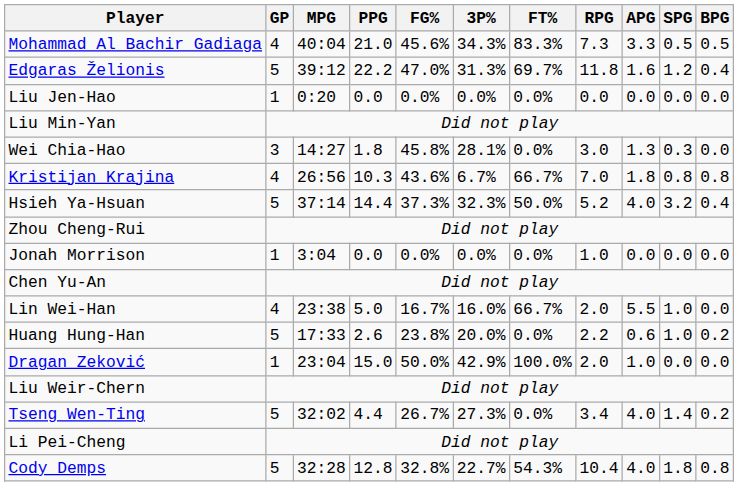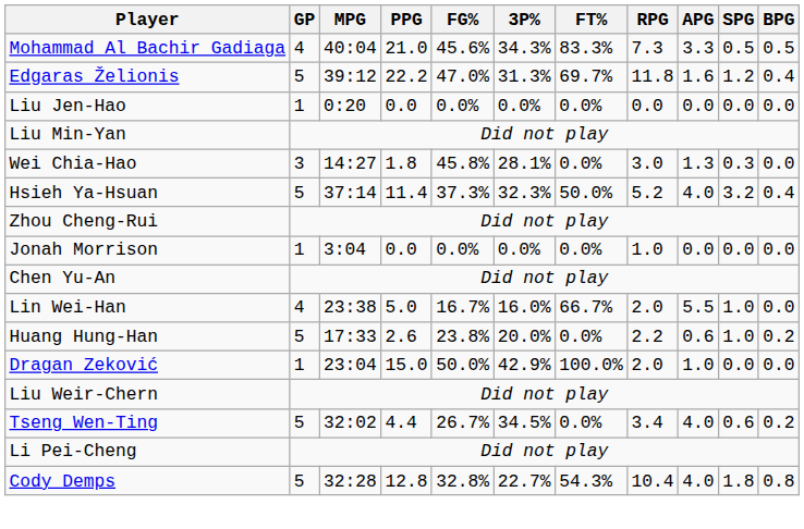 <table class="wikitable">
 <tr>
 <th>Player</th>
 <th>GP</th>
 <th>MPG</th>
 <th>PPG</th>
 <th>FG%</th>
 <th>3P%</th>
 <th>FT%</th>
 <th>RPG</th>
 <th>APG</th>
 <th>SPG</th>
 <th>BPG</th>
 </tr>
 <tr>
 <td><a href='#'>Mohammad Al Bachir Gadiaga</a></td>
 <td>4</td>
 <td>40:04</td>
 <td>21.0</td>
 <td>45.6%</td>
 <td>34.3%</td>
 <td>83.3%</td>
 <td>7.3</td>
 <td>3.3</td>
 <td>0.5</td>
 <td>0.5</td>
 </tr>
 <tr>
 <td><a href='#'>Edgaras Želionis</a></td>
 <td>5</td>
 <td>39:12</td>
 <td>22.2</td>
 <td>47.0%</td>
 <td>31.3%</td>
 <td>69.7%</td>
 <td>11.8</td>
 <td>1.6</td>
 <td>1.2</td>
 <td>0.4</td>
 </tr>
 <tr>
 <td>Liu Jen-Hao</td>
 <td>1</td>
 <td>0:20</td>
 <td>0.0</td>
 <td>0.0%</td>
 <td>0.0%</td>
 <td>0.0%</td>
 <td>0.0</td>
 <td>0.0</td>
 <td>0.0</td>
 <td>0.0</td>
 </tr>
 <tr>
 <td>Liu Min-Yan</td>
 <td colspan=10 align=center><em>Did not play</em></td>
 </tr>
 <tr>
 <td>Wei Chia-Hao</td>
 <td>3</td>
 <td>14:27</td>
 <td>1.8</td>
 <td>45.8%</td>
 <td>28.1%</td>
 <td>0.0%</td>
 <td>3.0</td>
 <td>1.3</td>
 <td>0.3</td>
 <td>0.0</td>
 </tr>
 <tr>
-<td><a href='#'>Kristijan Krajina</a></td>
-<td>4</td>
-<td>26:56</td>
-<td>10.3</td>
-<td>43.6%</td>
-<td>6.7%</td>
-<td>66.7%</td>
-<td>7.0</td>
-<td>1.8</td>
-<td>0.8</td>
-<td>0.8</td>
-</tr>
-<tr>
 <td>Hsieh Ya-Hsuan</td>
 <td>5</td>
 <td>37:14</td>
-<td>14.4</td>
+<td>11.4</td>
 <td>37.3%</td>
 <td>32.3%</td>
 <td>50.0%</td>
 <td>5.2</td>
 <td>4.0</td>
 <td>3.2</td>
 <td>0.4</td>
 </tr>
 <tr>
 <td>Zhou Cheng-Rui</td>
 <td colspan=10 align=center><em>Did not play</em></td>
 </tr>
 <tr>
 <td>Jonah Morrison</td>
 <td>1</td>
 <td>3:04</td>
 <td>0.0</td>
 <td>0.0%</td>
 <td>0.0%</td>
 <td>0.0%</td>
 <td>1.0</td>
 <td>0.0</td>
 <td>0.0</td>
 <td>0.0</td>
 </tr>
 <tr>
 <td>Chen Yu-An</td>
 <td colspan=10 align=center><em>Did not play</em></td>
 </tr>
 <tr>
 <td>Lin Wei-Han</td>
 <td>4</td>
 <td>23:38</td>
 <td>5.0</td>
 <td>16.7%</td>
 <td>16.0%</td>
 <td>66.7%</td>
 <td>2.0</td>
 <td>5.5</td>
 <td>1.0</td>
 <td>0.0</td>
 </tr>
 <tr>
 <td>Huang Hung-Han</td>
 <td>5</td>
 <td>17:33</td>
 <td>2.6</td>
 <td>23.8%</td>
 <td>20.0%</td>
 <td>0.0%</td>
 <td>2.2</td>
 <td>0.6</td>
 <td>1.0</td>
 <td>0.2</td>
 </tr>
 <tr>
 <td><a href='#'>Dragan Zeković</a></td>
 <td>1</td>
 <td>23:04</td>
 <td>15.0</td>
 <td>50.0%</td>
 <td>42.9%</td>
 <td>100.0%</td>
 <td>2.0</td>
 <td>1.0</td>
 <td>0.0</td>
 <td>0.0</td>
 </tr>
 <tr>
 <td>Liu Weir-Chern</td>
 <td colspan=10 align=center><em>Did not play</em></td>
 </tr>
 <tr>
 <td><a href='#'>Tseng Wen-Ting</a></td>
 <td>5</td>
 <td>32:02</td>
 <td>4.4</td>
 <td>26.7%</td>
-<td>27.3%</td>
+<td>34.5%</td>
 <td>0.0%</td>
 <td>3.4</td>
 <td>4.0</td>
-<td>1.4</td>
+<td>0.6</td>
 <td>0.2</td>
 </tr>
 <tr>
 <td>Li Pei-Cheng</td>
 <td colspan=10 align=center><em>Did not play</em></td>
 </tr>
 <tr>
 <td><a href='#'>Cody Demps</a></td>
 <td>5</td>
 <td>32:28</td>
 <td>12.8</td>
 <td>32.8%</td>
 <td>22.7%</td>
 <td>54.3%</td>
 <td>10.4</td>
 <td>4.0</td>
 <td>1.8</td>
 <td>0.8</td>
 </tr>
 </table>
